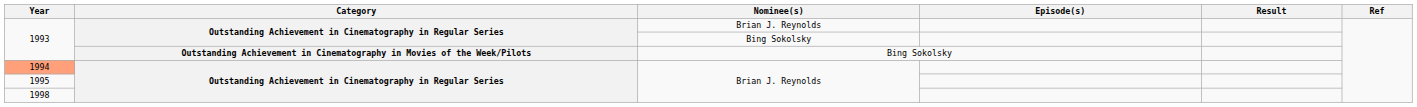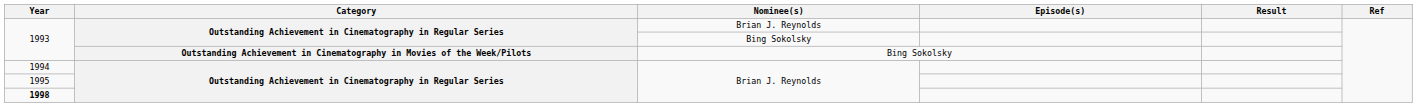 <table class="wikitable plainrowheaders" style="font-size: 90%; text-align:center" width=100%>
 <tr>
 <th scope="col" width="5%">Year</th>
 <th scope="col" width="40%">Category</th>
 <th scope="col" width="20%">Nominee(s)</th>
 <th scope="col" width="20%">Episode(s)</th>
 <th scope="col" width="10%">Result</th>
 <th scope="col" width="5%">Ref</th>
 </tr>
 <tr>
 <td rowspan="3">1993</td>
 <th scope="row" style="text-align:center" rowspan="2">Outstanding Achievement in Cinematography in Regular Series</th>
 <td>Brian J. Reynolds</td>
 <td></td>
 <td></td>
 <td rowspan="6"></td>
 </tr>
 <tr>
 <td>Bing Sokolsky</td>
 <td></td>
 <td></td>
 </tr>
 <tr>
 <th scope="row" style="text-align:center">Outstanding Achievement in Cinematography in Movies of the Week/Pilots</th>
 <td colspan="2">Bing Sokolsky</td>
 <td></td>
 </tr>
 <tr>
-<td style="background: lightsalmon;">1994</td>
+<td>1994</td>
 <th scope="row" style="text-align:center" rowspan="3">Outstanding Achievement in Cinematography in Regular Series</th>
 <td rowspan="3">Brian J. Reynolds</td>
 <td></td>
 <td></td>
 </tr>
 <tr>
 <td>1995</td>
 <td></td>
 <td></td>
 </tr>
 <tr>
-<td>1998</td>
+<td><strong>1998</strong></td>
 <td></td>
 <td></td>
 </tr>
 </table>
